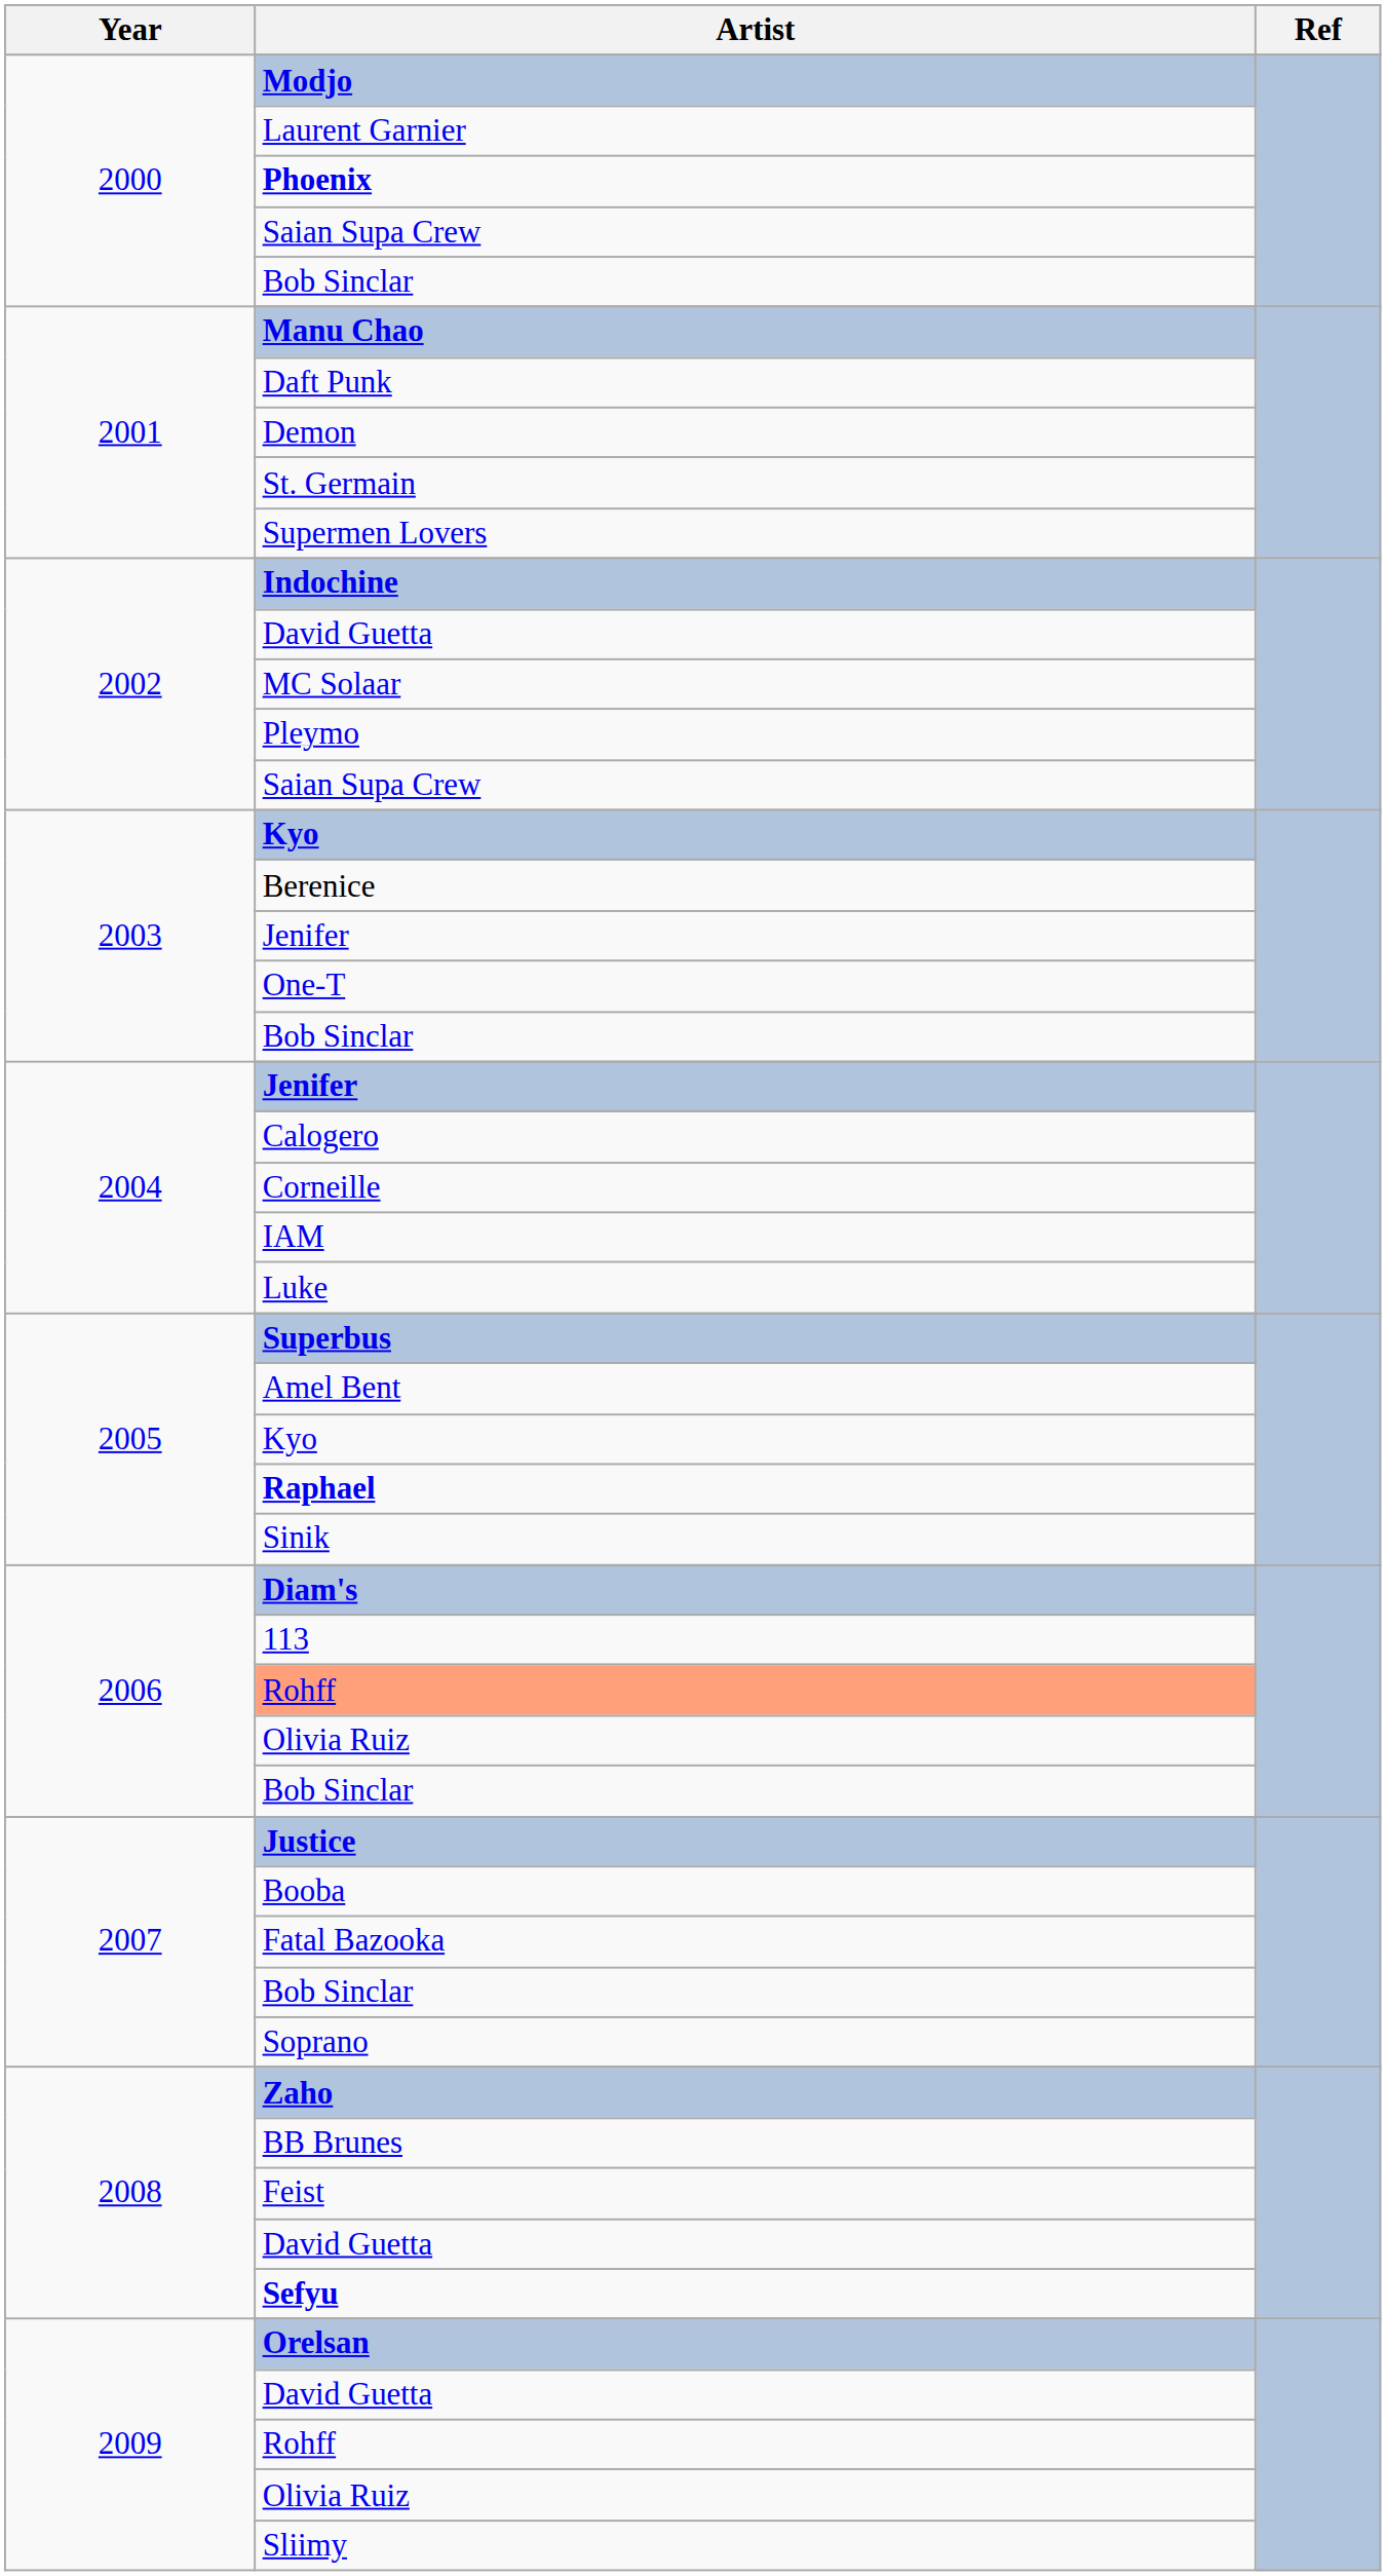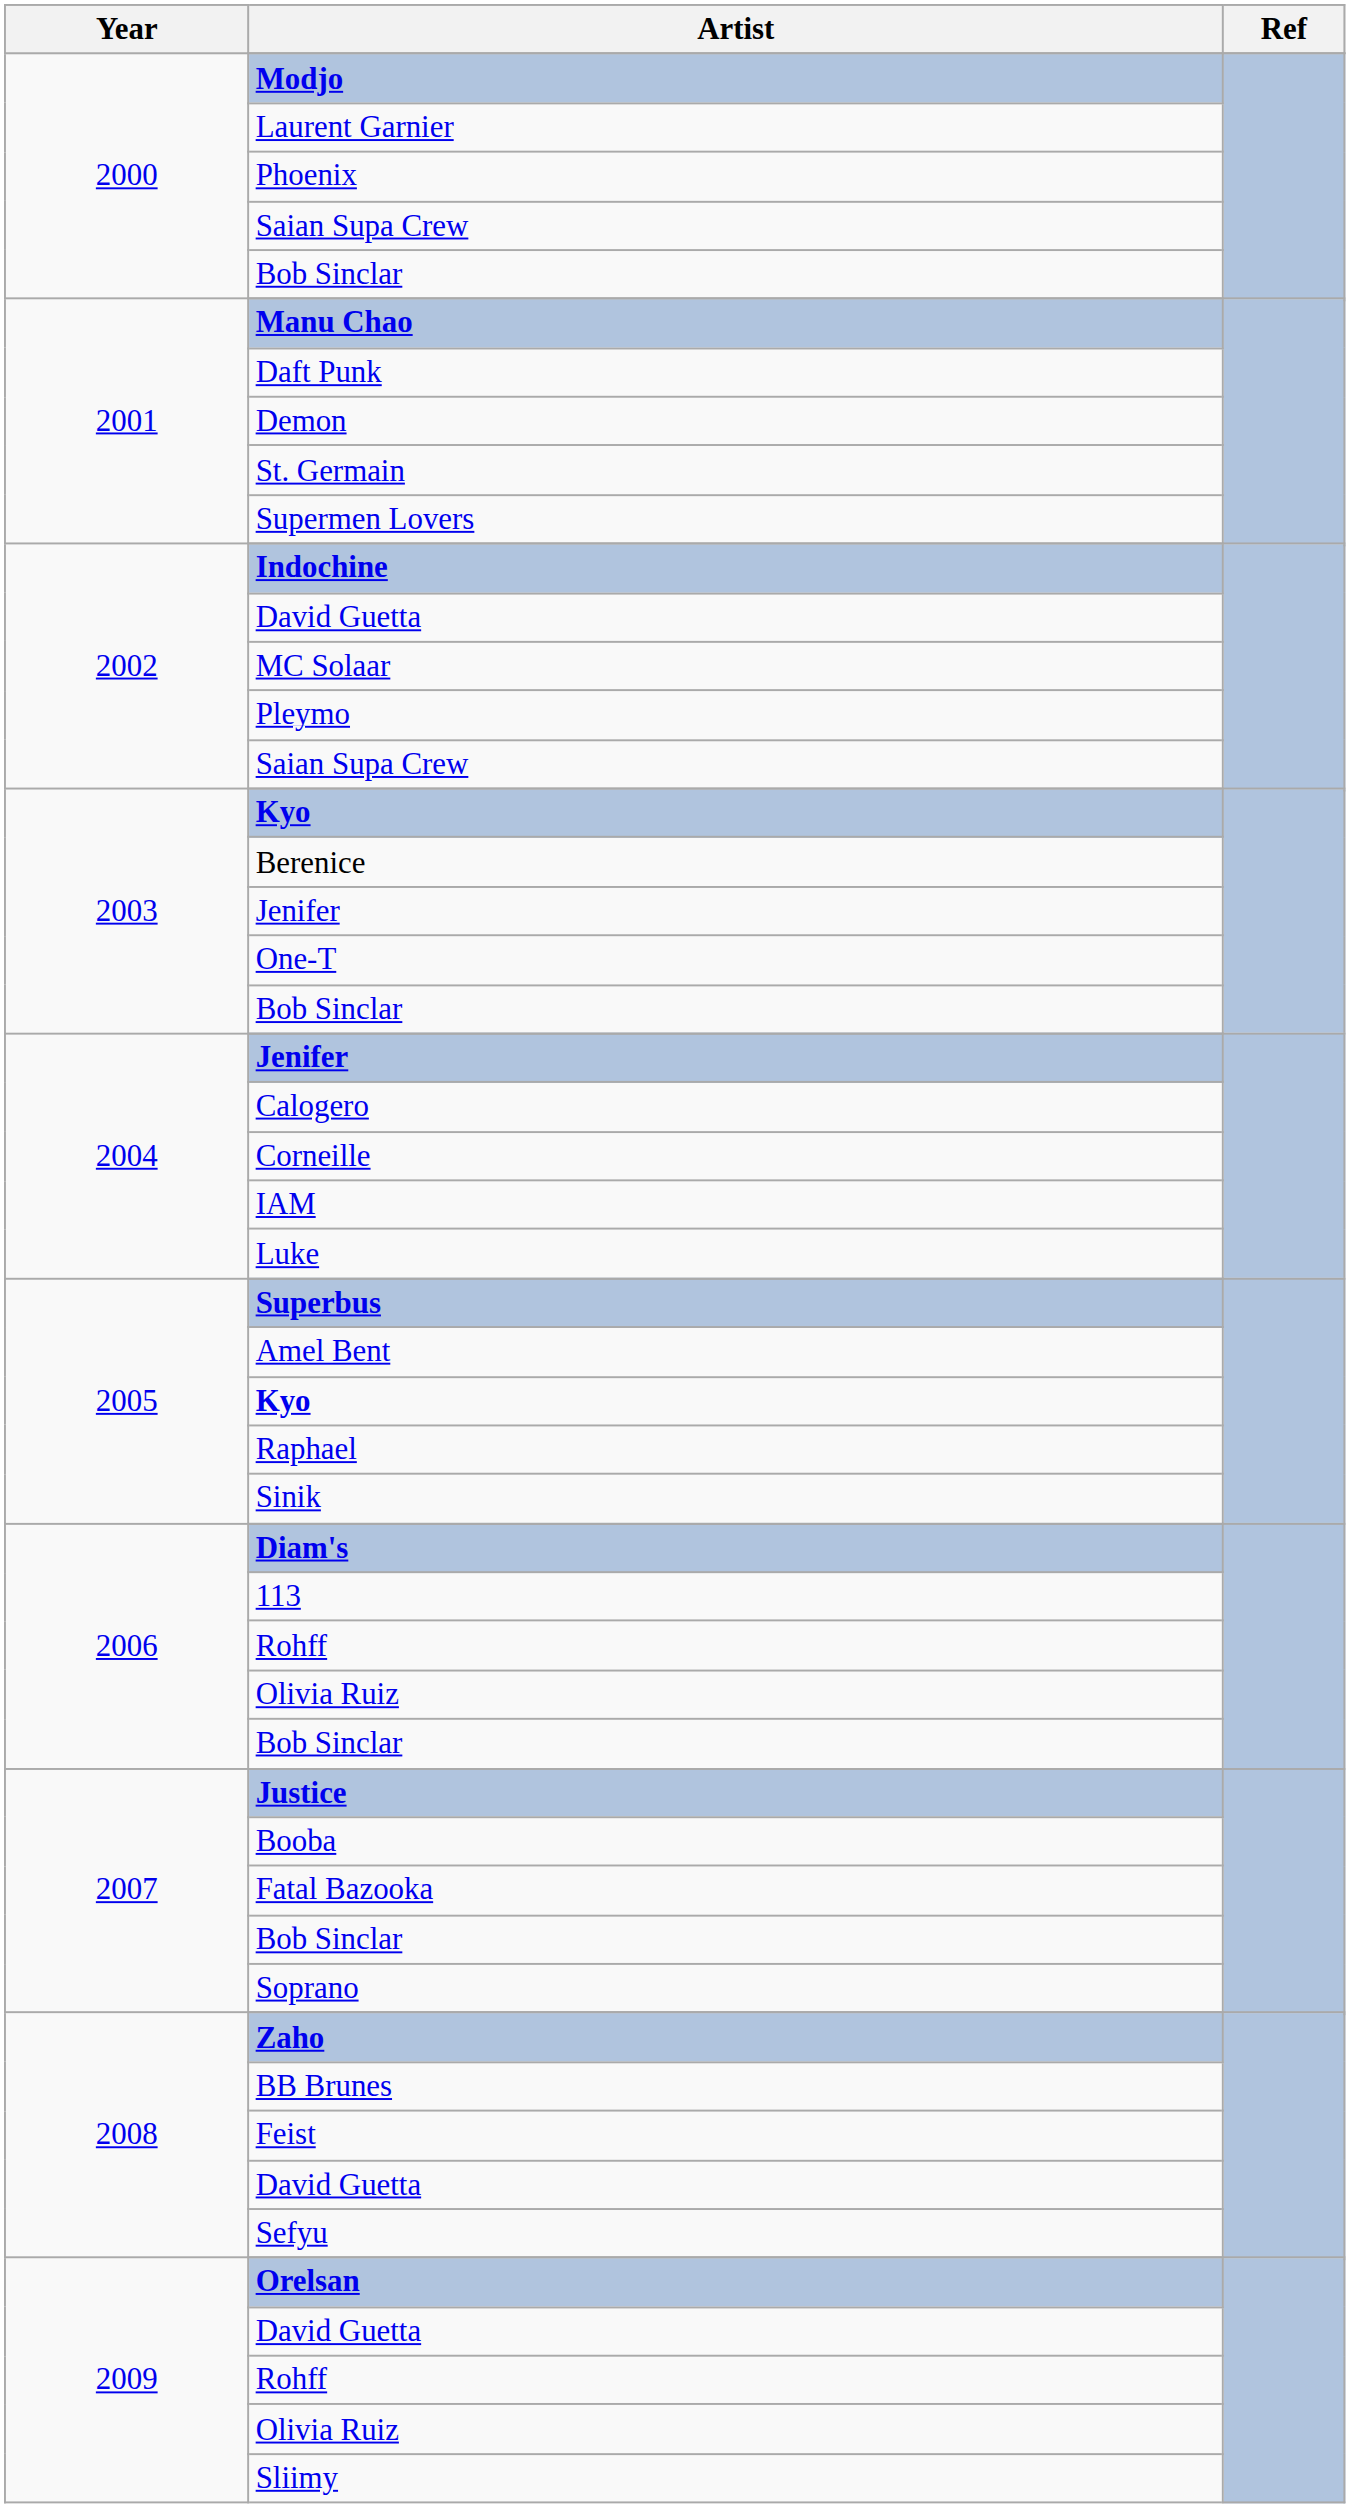 <table class="wikitable" style="width:55%;">
 <tr style="background:#bebebe;">
 <th style="width:10%;">Year</th>
 <th style="width:40%;">Artist</th>
 <th style="width:5%;">Ref</th>
 </tr>
 <tr>
 <td rowspan="6" align="center"><a href='#'>2000</a></td>
 </tr>
 <tr style="background:#B0C4DE">
 <td><strong><a href='#'>Modjo</a></strong></td>
 <td rowspan="6" align="center"></td>
 </tr>
 <tr>
 <td><a href='#'>Laurent Garnier</a></td>
 </tr>
 <tr>
-<td><strong><a href='#'>Phoenix</a></strong></td>
+<td><a href='#'>Phoenix</a></td>
 </tr>
 <tr>
 <td><a href='#'>Saian Supa Crew</a></td>
 </tr>
 <tr>
 <td><a href='#'>Bob Sinclar</a></td>
 </tr>
 <tr>
 <td rowspan="6" align="center"><a href='#'>2001</a></td>
 </tr>
 <tr style="background:#B0C4DE">
 <td><strong><a href='#'>Manu Chao</a></strong></td>
 <td rowspan="6" align="center"></td>
 </tr>
 <tr>
 <td><a href='#'>Daft Punk</a></td>
 </tr>
 <tr>
 <td><a href='#'>Demon</a></td>
 </tr>
 <tr>
 <td><a href='#'>St. Germain</a></td>
 </tr>
 <tr>
 <td><a href='#'>Supermen Lovers</a></td>
 </tr>
 <tr>
 <td rowspan="6" align="center"><a href='#'>2002</a></td>
 </tr>
 <tr style="background:#B0C4DE">
 <td><strong><a href='#'>Indochine</a></strong></td>
 <td rowspan="6" align="center"></td>
 </tr>
 <tr>
 <td><a href='#'>David Guetta</a></td>
 </tr>
 <tr>
 <td><a href='#'>MC Solaar</a></td>
 </tr>
 <tr>
 <td><a href='#'>Pleymo</a></td>
 </tr>
 <tr>
 <td><a href='#'>Saian Supa Crew</a></td>
 </tr>
 <tr>
 <td rowspan="6" align="center"><a href='#'>2003</a></td>
 </tr>
 <tr style="background:#B0C4DE">
 <td><strong><a href='#'>Kyo</a></strong></td>
 <td rowspan="6" align="center"></td>
 </tr>
 <tr>
 <td>Berenice</td>
 </tr>
 <tr>
 <td><a href='#'>Jenifer</a></td>
 </tr>
 <tr>
 <td><a href='#'>One-T</a></td>
 </tr>
 <tr>
 <td><a href='#'>Bob Sinclar</a></td>
 </tr>
 <tr>
 <td rowspan="6" align="center"><a href='#'>2004</a></td>
 </tr>
 <tr style="background:#B0C4DE">
 <td><strong><a href='#'>Jenifer</a></strong></td>
 <td rowspan="6" align="center"></td>
 </tr>
 <tr>
 <td><a href='#'>Calogero</a></td>
 </tr>
 <tr>
 <td><a href='#'>Corneille</a></td>
 </tr>
 <tr>
 <td><a href='#'>IAM</a></td>
 </tr>
 <tr>
 <td><a href='#'>Luke</a></td>
 </tr>
 <tr>
 <td rowspan="6" align="center"><a href='#'>2005</a></td>
 </tr>
 <tr style="background:#B0C4DE">
 <td><strong><a href='#'>Superbus</a></strong></td>
 <td rowspan="6" align="center"></td>
 </tr>
 <tr>
 <td><a href='#'>Amel Bent</a></td>
 </tr>
 <tr>
-<td><a href='#'>Kyo</a></td>
+<td><strong><a href='#'>Kyo</a></strong></td>
 </tr>
 <tr>
-<td><strong><a href='#'>Raphael</a></strong></td>
+<td><a href='#'>Raphael</a></td>
 </tr>
 <tr>
 <td><a href='#'>Sinik</a></td>
 </tr>
 <tr>
 <td rowspan="6" align="center"><a href='#'>2006</a></td>
 </tr>
 <tr style="background:#B0C4DE">
 <td><strong><a href='#'>Diam's</a></strong></td>
 <td rowspan="6" align="center"></td>
 </tr>
 <tr>
 <td><a href='#'>113</a></td>
 </tr>
 <tr>
-<td style="background: lightsalmon;"><a href='#'>Rohff</a></td>
+<td><a href='#'>Rohff</a></td>
 </tr>
 <tr>
 <td><a href='#'>Olivia Ruiz</a></td>
 </tr>
 <tr>
 <td><a href='#'>Bob Sinclar</a></td>
 </tr>
 <tr>
 <td rowspan="6" align="center"><a href='#'>2007</a></td>
 </tr>
 <tr style="background:#B0C4DE">
 <td><strong><a href='#'>Justice</a></strong></td>
 <td rowspan="6" align="center"></td>
 </tr>
 <tr>
 <td><a href='#'>Booba</a></td>
 </tr>
 <tr>
 <td><a href='#'>Fatal Bazooka</a></td>
 </tr>
 <tr>
 <td><a href='#'>Bob Sinclar</a></td>
 </tr>
 <tr>
 <td><a href='#'>Soprano</a></td>
 </tr>
 <tr>
 <td rowspan="6" align="center"><a href='#'>2008</a></td>
 </tr>
 <tr style="background:#B0C4DE">
 <td><strong><a href='#'>Zaho</a></strong></td>
 <td rowspan="6" align="center"></td>
 </tr>
 <tr>
 <td><a href='#'>BB Brunes</a></td>
 </tr>
 <tr>
 <td><a href='#'>Feist</a></td>
 </tr>
 <tr>
 <td><a href='#'>David Guetta</a></td>
 </tr>
 <tr>
-<td><strong><a href='#'>Sefyu</a></strong></td>
+<td><a href='#'>Sefyu</a></td>
 </tr>
 <tr>
 <td rowspan="6" align="center"><a href='#'>2009</a></td>
 </tr>
 <tr style="background:#B0C4DE">
 <td><strong><a href='#'>Orelsan</a></strong></td>
 <td rowspan="6" align="center"></td>
 </tr>
 <tr>
 <td><a href='#'>David Guetta</a></td>
 </tr>
 <tr>
 <td><a href='#'>Rohff</a></td>
 </tr>
 <tr>
 <td><a href='#'>Olivia Ruiz</a></td>
 </tr>
 <tr>
 <td><a href='#'>Sliimy</a></td>
 </tr>
 </table>
